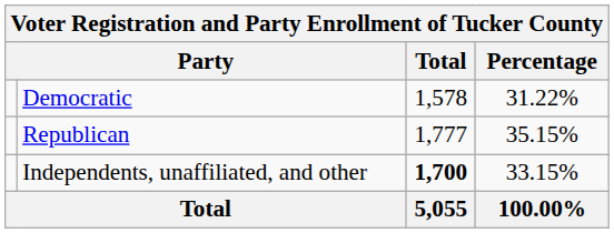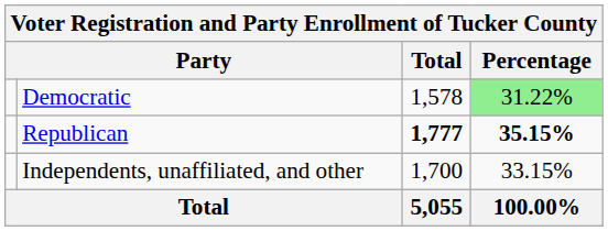 <table class=wikitable>
 <tr>
 <th colspan = 6>Voter Registration and Party Enrollment of Tucker County</th>
 </tr>
 <tr>
 <th colspan = 2>Party</th>
 <th>Total</th>
 <th>Percentage</th>
 </tr>
 <tr>
 <td></td>
 <td><a href='#'>Democratic</a></td>
 <td style="text-align:center;">1,578</td>
-<td style="text-align:center;">31.22%</td>
+<td style="background: lightgreen; text-align:center;">31.22%</td>
 </tr>
 <tr>
 <td></td>
 <td><a href='#'>Republican</a></td>
-<td style="text-align:center;">1,777</td>
-<td style="text-align:center;">35.15%</td>
+<td style="text-align:center;"><strong>1,777</strong></td>
+<td style="text-align:center;"><strong>35.15%</strong></td>
 </tr>
 <tr>
 <td></td>
 <td>Independents, unaffiliated, and other</td>
-<td style="text-align:center;"><strong>1,700</strong></td>
+<td style="text-align:center;">1,700</td>
 <td style="text-align:center;">33.15%</td>
 </tr>
 <tr>
 <th colspan = 2>Total</th>
 <th style="text-align:center;">5,055</th>
 <th style="text-align:center;">100.00%</th>
 </tr>
 </table>
